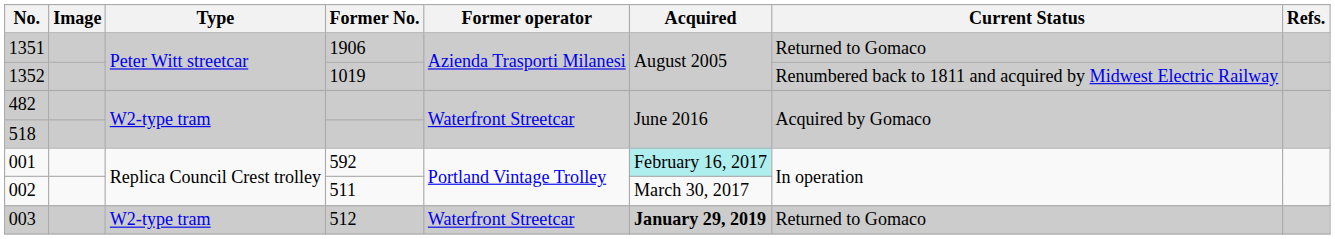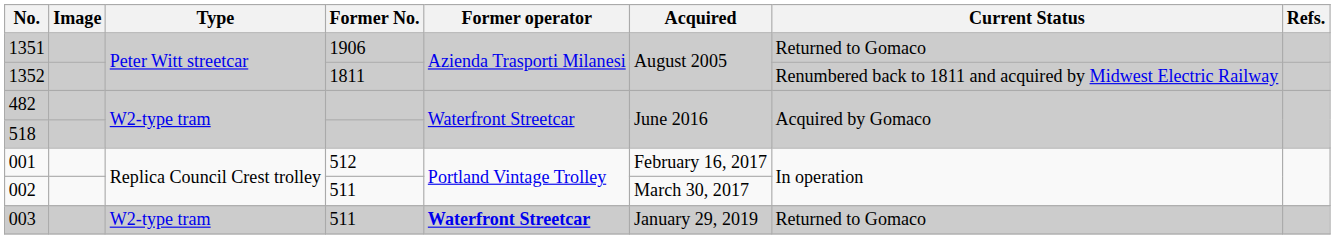 <table class="wikitable">
 <tr>
 <th>No.</th>
 <th>Image</th>
 <th>Type</th>
 <th>Former No.</th>
 <th>Former operator</th>
 <th>Acquired</th>
 <th>Current Status</th>
 <th>Refs.</th>
 </tr>
 <tr style="background-color:#CCC;">
 <td>1351</td>
 <td></td>
 <td rowspan="2"><a href='#'>Peter Witt streetcar</a></td>
 <td>1906</td>
 <td rowspan="2"><a href='#'>Azienda Trasporti Milanesi</a></td>
 <td rowspan="2">August 2005</td>
 <td>Returned to Gomaco</td>
 <td></td>
 </tr>
 <tr style="background-color:#CCC;">
 <td>1352</td>
 <td></td>
-<td>1019</td>
+<td>1811</td>
 <td>Renumbered back to 1811 and acquired by <a href='#'>Midwest Electric Railway</a></td>
 <td></td>
 </tr>
 <tr style="background-color:#CCC;">
 <td>482</td>
 <td></td>
 <td rowspan="2"><a href='#'>W2-type tram</a></td>
 <td></td>
 <td rowspan="2"><a href='#'>Waterfront Streetcar</a></td>
 <td rowspan="2">June 2016</td>
 <td rowspan="2">Acquired by Gomaco</td>
 <td rowspan="2"></td>
 </tr>
 <tr style="background-color:#CCC;">
 <td>518</td>
 <td></td>
 <td></td>
 </tr>
 <tr>
 <td>001</td>
 <td></td>
 <td rowspan="2">Replica Council Crest trolley</td>
-<td>592</td>
+<td>512</td>
 <td rowspan="2"><a href='#'>Portland Vintage Trolley</a></td>
-<td style="background: paleturquoise;">February 16, 2017</td>
+<td>February 16, 2017</td>
 <td rowspan="2">In operation</td>
 <td rowspan="2"></td>
 </tr>
 <tr>
 <td>002</td>
 <td></td>
 <td>511</td>
 <td>March 30, 2017</td>
 </tr>
 <tr style="background-color:#CCC;">
 <td>003</td>
 <td></td>
 <td><a href='#'>W2-type tram</a></td>
-<td>512</td>
-<td><a href='#'>Waterfront Streetcar</a></td>
-<td><strong>January 29, 2019</strong></td>
+<td>511</td>
+<td><strong><a href='#'>Waterfront Streetcar</a></strong></td>
+<td>January 29, 2019</td>
 <td>Returned to Gomaco</td>
 <td></td>
 </tr>
 </table>
